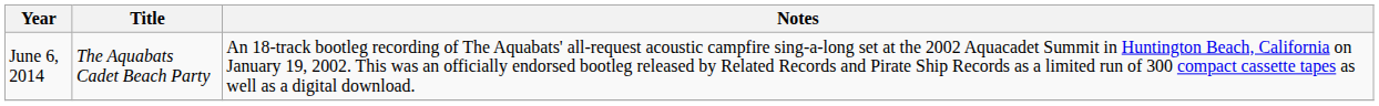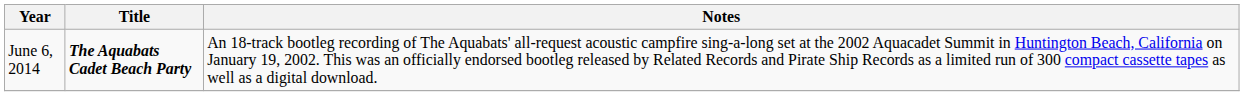 <table class="wikitable">
 <tr>
 <th><strong>Year</strong></th>
 <th><strong>Title</strong></th>
 <th><strong>Notes</strong></th>
 </tr>
 <tr>
 <td>June 6, 2014</td>
-<td><em>The Aquabats Cadet Beach Party</em></td>
+<td><strong><em>The Aquabats Cadet Beach Party</em></strong></td>
 <td>An 18-track bootleg recording of The Aquabats' all-request acoustic campfire sing-a-long set at the 2002 Aquacadet Summit in <a href='#'>Huntington Beach, California</a> on January 19, 2002. This was an officially endorsed bootleg released by Related Records and Pirate Ship Records as a limited run of 300 <a href='#'>compact cassette tapes</a> as well as a digital download.</td>
 </tr>
 <tr>
 </tr>
 </table>
